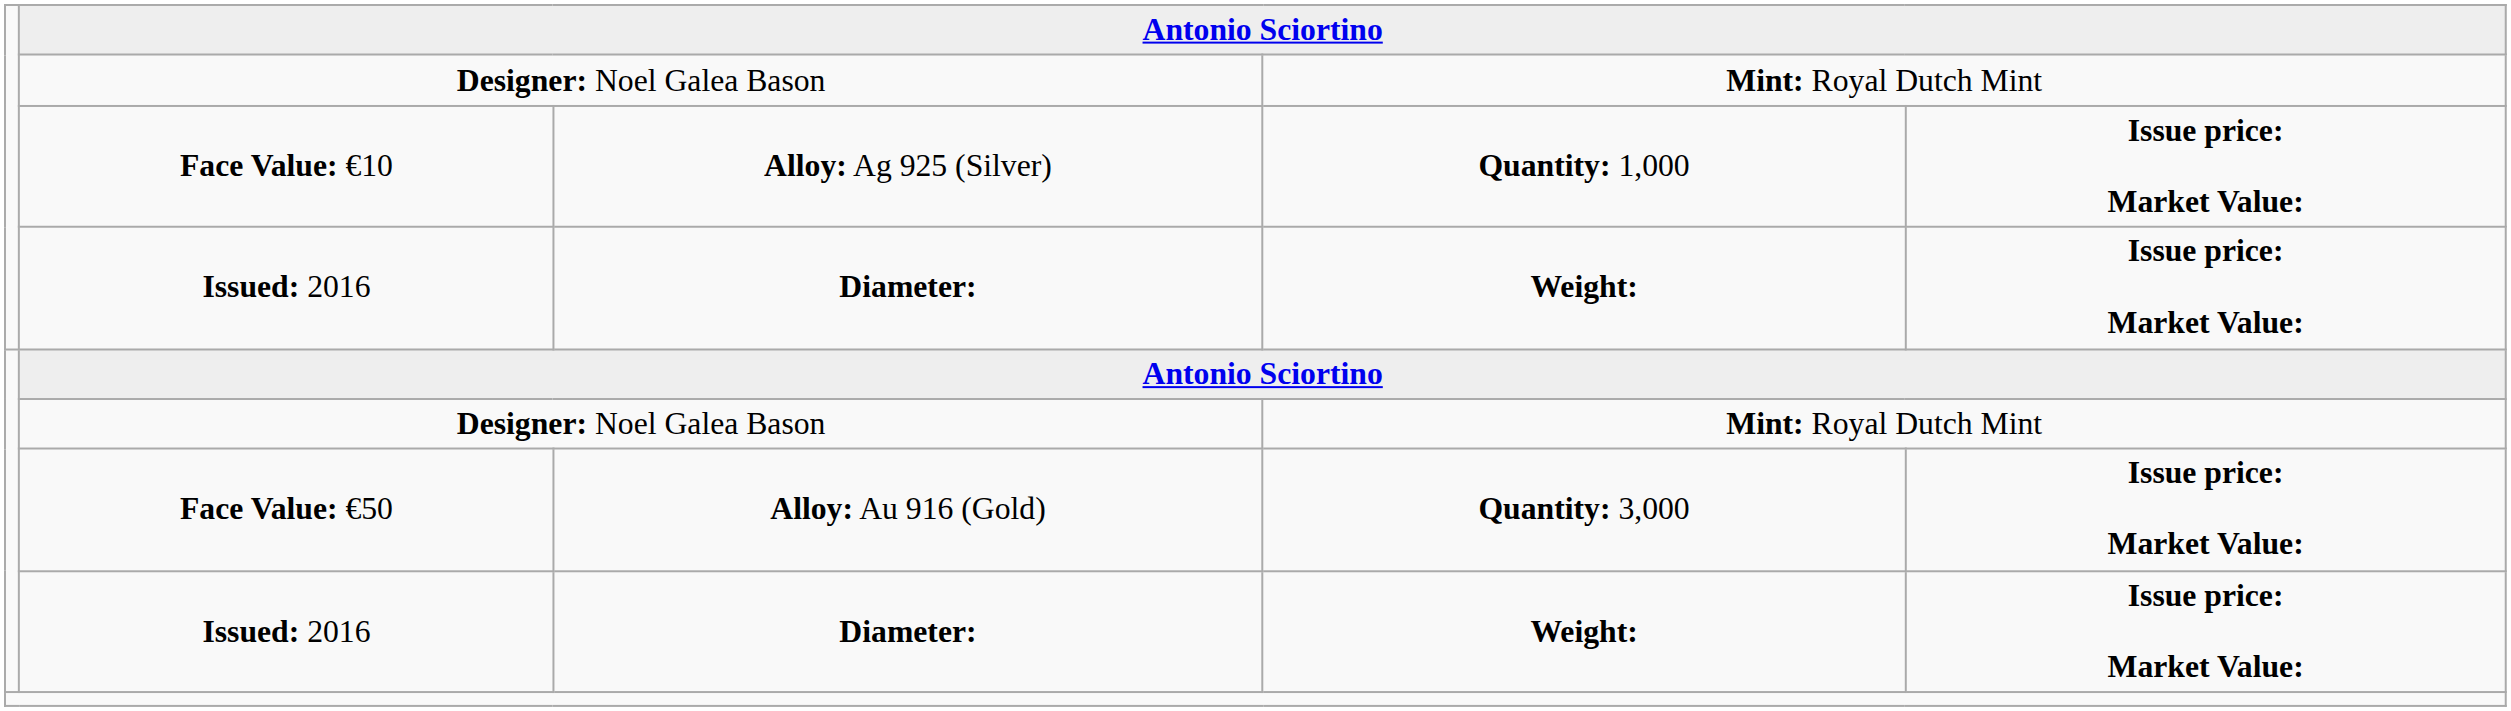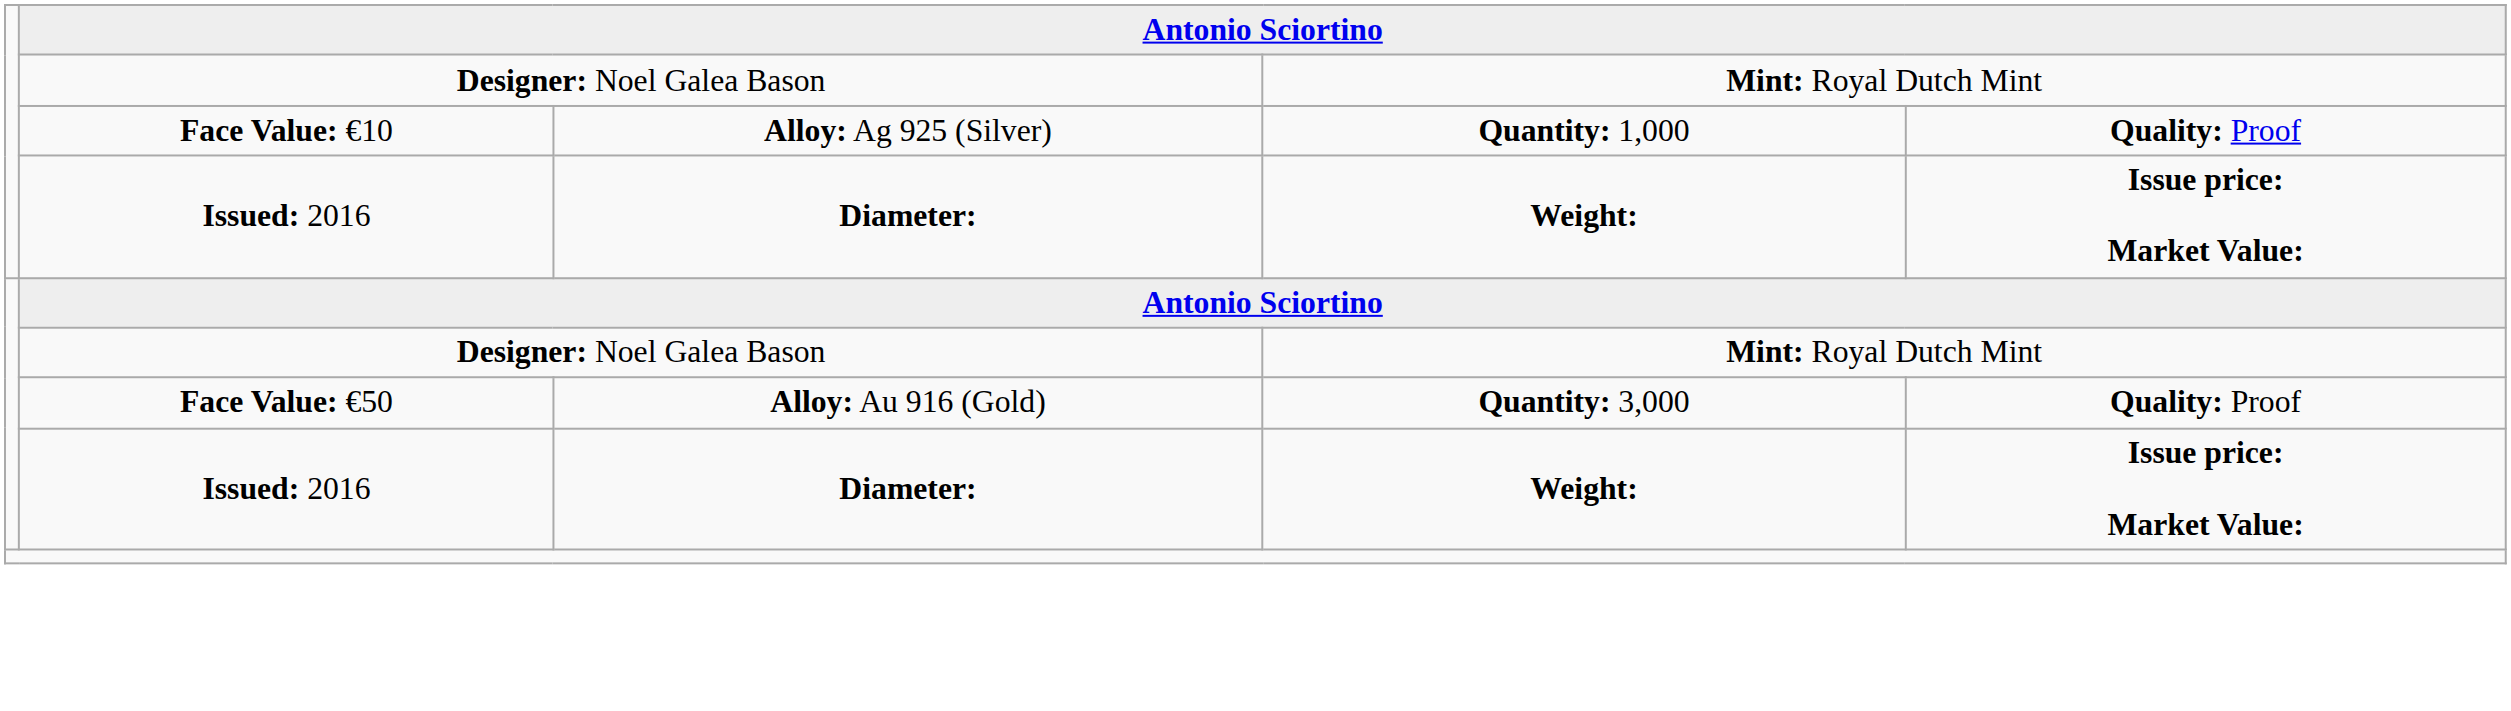 <table class="wikitable" width=100%>
 <tr>
 <td rowspan=4 width="330px" nowrap align=center></td>
 <th colspan="4" align=center style="background:#eeeeee;"><a href='#'>Antonio Sciortino</a></th>
 </tr>
 <tr>
 <td colspan="2" width="50%" align=center><strong>Designer:</strong> Noel Galea Bason</td>
 <td colspan="2" width="50%" align=center><strong>Mint:</strong> Royal Dutch Mint</td>
 </tr>
 <tr>
 <td align=center><strong>Face Value:</strong> €10</td>
 <td align=center><strong>Alloy:</strong> Ag 925 (Silver)</td>
 <td align=center><strong>Quantity:</strong> 1,000</td>
-<td align=center><strong>Issue price:</strong><br><br> <strong>Market Value:</strong></td>
+<td align=center><strong>Quality:</strong> <a href='#'>Proof</a></td>
 </tr>
 <tr>
 <td align=center><strong>Issued:</strong> 2016</td>
 <td align=center><strong>Diameter:</strong> </td>
 <td align=center><strong>Weight:</strong> </td>
 <td align=center><strong>Issue price:</strong><br><br> <strong>Market Value:</strong></td>
 </tr>
 <tr>
 <td rowspan=4 width="330px" nowrap align=center></td>
 <th colspan="4" align=center style="background:#eeeeee;"><a href='#'>Antonio Sciortino</a></th>
 </tr>
 <tr>
 <td colspan="2" width="50%" align=center><strong>Designer:</strong> Noel Galea Bason</td>
 <td colspan="2" width="50%" align=center><strong>Mint:</strong> Royal Dutch  Mint</td>
 </tr>
 <tr>
 <td align=center><strong>Face Value:</strong> €50</td>
 <td align=center><strong>Alloy:</strong> Au 916 (Gold)</td>
 <td align=center><strong>Quantity:</strong> 3,000</td>
-<td align=center><strong>Issue price:</strong><br><br> <strong>Market Value:</strong></td>
+<td align=center><strong>Quality:</strong> Proof</td>
 </tr>
 <tr>
 <td align=center><strong>Issued:</strong> 2016</td>
 <td align=center><strong>Diameter:</strong> </td>
 <td align=center><strong>Weight:</strong> </td>
 <td align=center><strong>Issue price:</strong><br><br> <strong>Market Value:</strong></td>
 </tr>
 <tr>
 <td colspan="5" align=left></td>
 </tr>
 </table>
